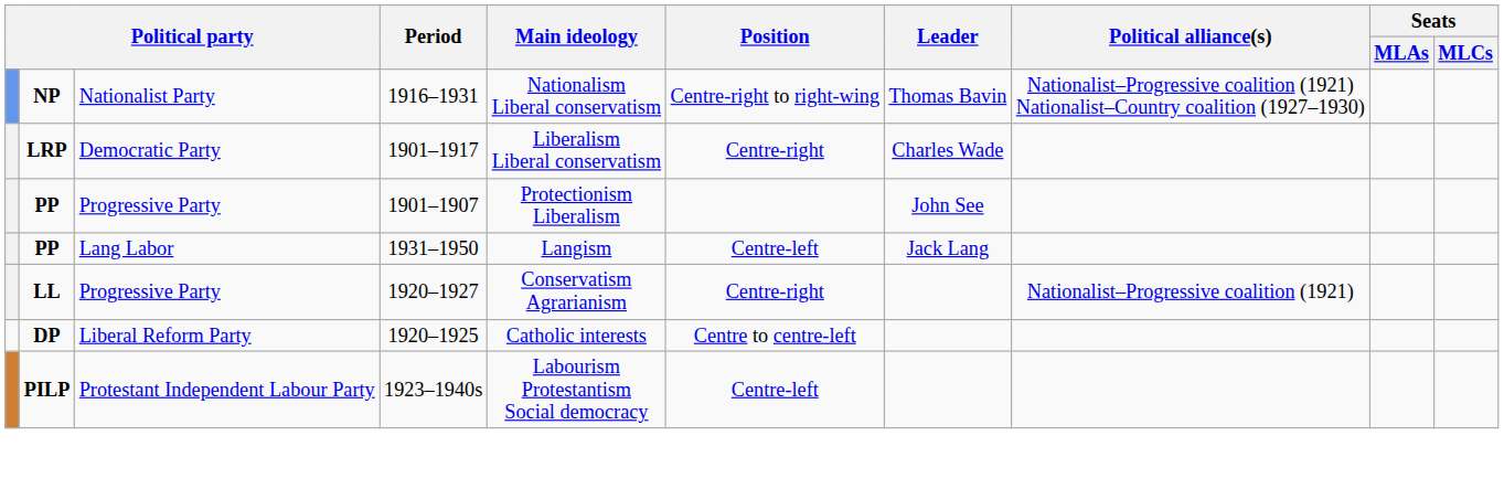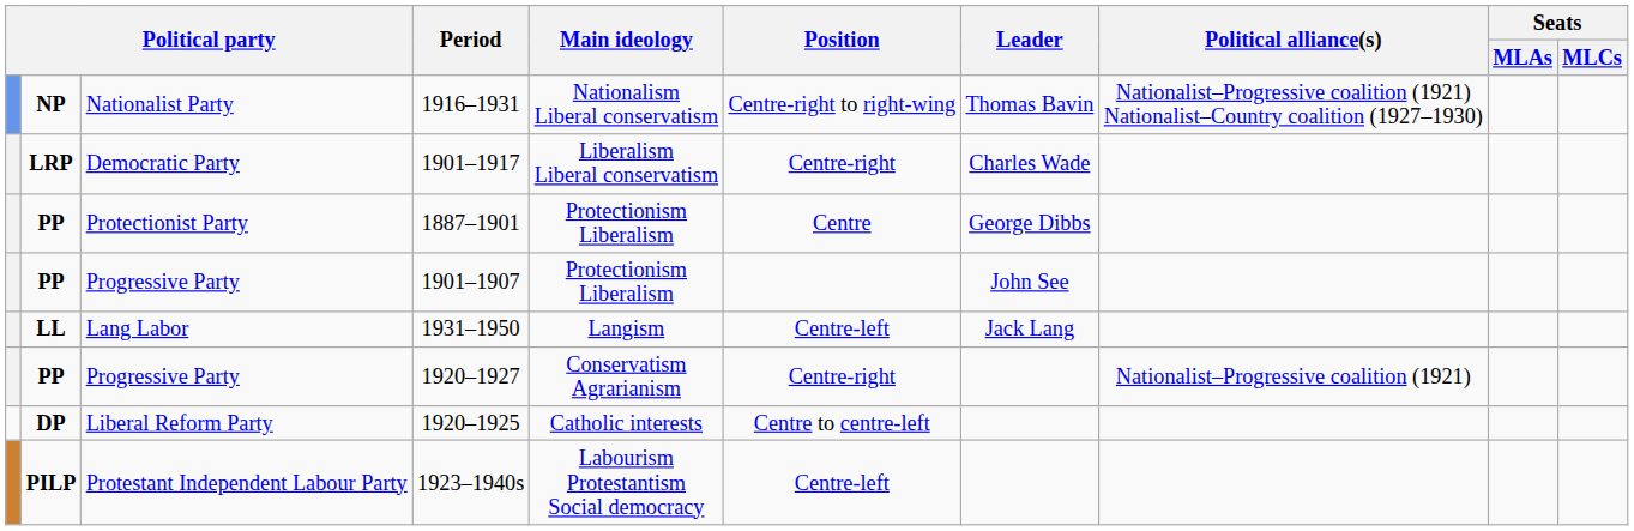 <table class="wikitable" style="text-align:center">
 <tr>
 <th colspan="3" rowspan="2"><a href='#'>Political party</a></th>
 <th rowspan="2">Period</th>
 <th rowspan="2"><a href='#'>Main ideology</a></th>
 <th rowspan="2"><a href='#'>Position</a></th>
 <th rowspan="2"><a href='#'>Leader</a></th>
 <th rowspan="2"><a href='#'>Political alliance</a>(s)</th>
 <th colspan="2">Seats</th>
 </tr>
 <tr>
 <th><a href='#'>MLAs</a></th>
 <th><a href='#'>MLCs</a></th>
 </tr>
 <tr>
 <th style="background:#6495ED;"></th>
 <td><strong>NP</strong></td>
 <td style="text-align:left;"><a href='#'>Nationalist Party</a></td>
 <td>1916–1931</td>
 <td><a href='#'>Nationalism</a><br><a href='#'>Liberal conservatism</a></td>
 <td><a href='#'>Centre-right</a> to <a href='#'>right-wing</a></td>
 <td><a href='#'>Thomas Bavin</a></td>
 <td><a href='#'>Nationalist–Progressive coalition</a> (1921)<br><a href='#'>Nationalist–Country coalition</a> (1927–1930)</td>
 <td></td>
 <td></td>
 </tr>
 <tr>
 <th style="background:"></th>
 <td><strong>LRP</strong></td>
 <td style="text-align:left;"><a href='#'>Democratic Party</a></td>
 <td>1901–1917</td>
 <td><a href='#'>Liberalism</a><br><a href='#'>Liberal conservatism</a></td>
 <td><a href='#'>Centre-right</a></td>
 <td><a href='#'>Charles Wade</a></td>
 <td></td>
 <td></td>
 <td></td>
 </tr>
 <tr>
 <th style="background:"></th>
 <td><strong>PP</strong></td>
+<td style="text-align:left;"><a href='#'>Protectionist Party</a></td>
+<td>1887–1901</td>
+<td><a href='#'>Protectionism</a><br><a href='#'>Liberalism</a></td>
+<td><a href='#'>Centre</a></td>
+<td><a href='#'>George Dibbs</a></td>
+<td></td>
+<td></td>
+<td></td>
+</tr>
+<tr>
+<th style="background:"></th>
+<td><strong>PP</strong></td>
 <td style="text-align:left;"><a href='#'>Progressive Party</a></td>
 <td>1901–1907</td>
 <td><a href='#'>Protectionism</a><br><a href='#'>Liberalism</a></td>
 <td></td>
 <td><a href='#'>John See</a></td>
 <td></td>
 <td></td>
 <td></td>
 </tr>
 <tr>
 <th style="background:"></th>
-<td><strong>PP</strong></td>
+<td><strong>LL</strong></td>
 <td style="text-align:left;"><a href='#'>Lang Labor</a></td>
 <td>1931–1950</td>
 <td><a href='#'>Langism</a></td>
 <td><a href='#'>Centre-left</a></td>
 <td><a href='#'>Jack Lang</a></td>
 <td></td>
 <td></td>
 <td></td>
 </tr>
 <tr>
 <th style="background:"></th>
-<td><strong>LL</strong></td>
+<td><strong>PP</strong></td>
 <td style="text-align:left;"><a href='#'>Progressive Party</a></td>
 <td>1920–1927</td>
 <td><a href='#'>Conservatism</a><br><a href='#'>Agrarianism</a></td>
 <td><a href='#'>Centre-right</a></td>
 <td></td>
 <td><a href='#'>Nationalist–Progressive coalition</a> (1921)</td>
 <td></td>
 <td></td>
 </tr>
 <tr>
 <td> </td>
 <td><strong>DP</strong></td>
 <td style="text-align:left;"><a href='#'>Liberal Reform Party</a></td>
 <td>1920–1925</td>
 <td><a href='#'>Catholic interests</a></td>
 <td><a href='#'>Centre</a> to <a href='#'>centre-left</a></td>
 <td></td>
 <td></td>
 <td></td>
 <td></td>
 </tr>
 <tr>
 <th style="background:#CD7F32;"></th>
 <td><strong>PILP</strong></td>
 <td style="text-align:left;"><a href='#'>Protestant Independent Labour Party</a></td>
 <td>1923–1940s</td>
 <td><a href='#'>Labourism</a><br><a href='#'>Protestantism</a><br><a href='#'>Social democracy</a></td>
 <td><a href='#'>Centre-left</a></td>
 <td></td>
 <td></td>
 <td></td>
 <td></td>
 </tr>
 </table>
